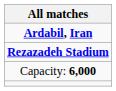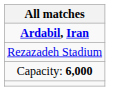 <table class=wikitable style=text-align:center>
 <tr>
 <th>All matches</th>
 </tr>
 <tr>
 <td> <strong><a href='#'>Ardabil</a>, <a href='#'>Iran</a></strong></td>
 </tr>
 <tr>
-<td><strong><a href='#'>Rezazadeh Stadium</a></strong></td>
+<td><a href='#'>Rezazadeh Stadium</a></td>
 </tr>
 <tr>
 <td>Capacity: <strong>6,000</strong></td>
 </tr>
 <tr>
 <td></td>
 </tr>
 </table>
